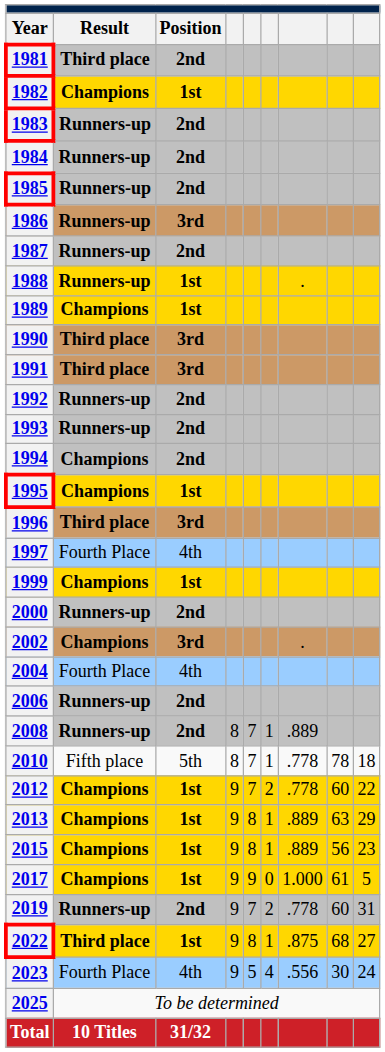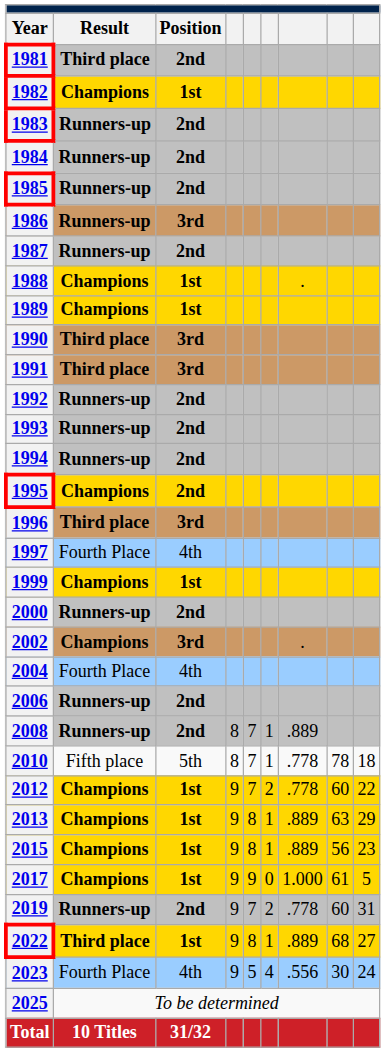 <table class="wikitable" style="font-size:90%; text-align:center;">
 <tr>
 <th style="background:#00234C;" colspan="10"><a href='#'></a></th>
 </tr>
 <tr>
 <th scope="col">Year</th>
 <th scope="col">Result</th>
 <th scope="col">Position</th>
 <th scope="col"></th>
 <th scope="col"></th>
 <th scope="col"></th>
 <th scope="col"></th>
 <th scope="col"></th>
 <th scope="col"></th>
 </tr>
 <tr style="background:silver;">
 <th style="border: 3px solid red"> <a href='#'>1981</a></th>
 <td><strong>Third place</strong></td>
 <td><strong>2nd</strong></td>
 <td></td>
 <td></td>
 <td></td>
 <td></td>
 <td></td>
 <td></td>
 </tr>
 <tr style="background:gold;">
 <th style="border: 3px solid red"> <a href='#'>1982</a></th>
 <td><strong>Champions</strong></td>
 <td><strong>1st</strong></td>
 <td></td>
 <td></td>
 <td></td>
 <td></td>
 <td></td>
 <td></td>
 </tr>
 <tr style="background:silver;">
 <th style="border: 3px solid red"> <a href='#'>1983</a></th>
 <td><strong>Runners-up</strong></td>
 <td><strong>2nd</strong></td>
 <td></td>
 <td></td>
 <td></td>
 <td></td>
 <td></td>
 <td></td>
 </tr>
 <tr style="background:silver;">
 <th> <a href='#'>1984</a></th>
 <td><strong>Runners-up</strong></td>
 <td><strong>2nd</strong></td>
 <td></td>
 <td></td>
 <td></td>
 <td></td>
 <td></td>
 <td></td>
 </tr>
 <tr style="background:silver;">
 <th style="border: 3px solid red"> <a href='#'>1985</a></th>
 <td><strong>Runners-up</strong></td>
 <td><strong>2nd</strong></td>
 <td></td>
 <td></td>
 <td></td>
 <td></td>
 <td></td>
 <td></td>
 </tr>
 <tr style="background:#cc9966">
 <th> <a href='#'>1986</a></th>
 <td><strong>Runners-up</strong></td>
 <td><strong>3rd</strong></td>
 <td></td>
 <td></td>
 <td></td>
 <td></td>
 <td></td>
 <td></td>
 </tr>
 <tr style="background:silver;">
 <th> <a href='#'>1987</a></th>
 <td><strong>Runners-up</strong></td>
 <td><strong>2nd</strong></td>
 <td></td>
 <td></td>
 <td></td>
 <td></td>
 <td></td>
 <td></td>
 </tr>
 <tr style="background:gold;">
 <th> <a href='#'>1988</a></th>
-<td><strong>Runners-up</strong></td>
+<td><strong>Champions</strong></td>
 <td><strong>1st</strong></td>
 <td></td>
 <td></td>
 <td></td>
 <td>.</td>
 <td></td>
 <td></td>
 </tr>
 <tr style="background:gold;">
 <th> <a href='#'>1989</a></th>
 <td><strong>Champions</strong></td>
 <td><strong>1st</strong></td>
 <td></td>
 <td></td>
 <td></td>
 <td></td>
 <td></td>
 <td></td>
 </tr>
 <tr style="background:#cc9966">
 <th> <a href='#'>1990</a></th>
 <td><strong>Third place</strong></td>
 <td><strong>3rd</strong></td>
 <td></td>
 <td></td>
 <td></td>
 <td></td>
 <td></td>
 <td></td>
 </tr>
 <tr style="background:#cc9966">
 <th> <a href='#'>1991</a></th>
 <td><strong>Third place</strong></td>
 <td><strong>3rd</strong></td>
 <td></td>
 <td></td>
 <td></td>
 <td></td>
 <td></td>
 <td></td>
 </tr>
 <tr style="background:silver;">
 <th> <a href='#'>1992</a></th>
 <td><strong>Runners-up</strong></td>
 <td><strong>2nd</strong></td>
 <td></td>
 <td></td>
 <td></td>
 <td></td>
 <td></td>
 <td></td>
 </tr>
 <tr style="background:silver;">
 <th> <a href='#'>1993</a></th>
 <td><strong>Runners-up</strong></td>
 <td><strong>2nd</strong></td>
 <td></td>
 <td></td>
 <td></td>
 <td></td>
 <td></td>
 <td></td>
 </tr>
 <tr style="background:silver;">
 <th> <a href='#'>1994</a></th>
-<td><strong>Champions</strong></td>
+<td><strong>Runners-up</strong></td>
 <td><strong>2nd</strong></td>
 <td></td>
 <td></td>
 <td></td>
 <td></td>
 <td></td>
 <td></td>
 </tr>
 <tr style="background:gold;">
 <th style="border: 3px solid red"> <a href='#'>1995</a></th>
 <td><strong>Champions</strong></td>
-<td><strong>1st</strong></td>
+<td><strong>2nd</strong></td>
 <td></td>
 <td></td>
 <td></td>
 <td></td>
 <td></td>
 <td></td>
 </tr>
 <tr style="background:#cc9966">
 <th> <a href='#'>1996</a></th>
 <td><strong>Third place</strong></td>
 <td><strong>3rd</strong></td>
 <td></td>
 <td></td>
 <td></td>
 <td></td>
 <td></td>
 <td></td>
 </tr>
 <tr style="background:#9acdff">
 <th> <a href='#'>1997</a></th>
 <td>Fourth Place</td>
 <td>4th</td>
 <td></td>
 <td></td>
 <td></td>
 <td></td>
 <td></td>
 <td></td>
 </tr>
 <tr style="background:gold;">
 <th> <a href='#'>1999</a></th>
 <td><strong>Champions</strong></td>
 <td><strong>1st</strong></td>
 <td></td>
 <td></td>
 <td></td>
 <td></td>
 <td></td>
 <td></td>
 </tr>
 <tr style="background:silver;">
 <th> <a href='#'>2000</a></th>
 <td><strong>Runners-up</strong></td>
 <td><strong>2nd</strong></td>
 <td></td>
 <td></td>
 <td></td>
 <td></td>
 <td></td>
 <td></td>
 </tr>
 <tr style="background:#cc9966">
 <th> <a href='#'>2002</a></th>
 <td><strong>Champions</strong></td>
 <td><strong>3rd</strong></td>
 <td></td>
 <td></td>
 <td></td>
 <td>.</td>
 <td></td>
 <td></td>
 </tr>
 <tr style="background:#9acdff">
 <th> <a href='#'>2004</a></th>
 <td>Fourth Place</td>
 <td>4th</td>
 <td></td>
 <td></td>
 <td></td>
 <td></td>
 <td></td>
 <td></td>
 </tr>
 <tr style="background:silver;">
 <th> <a href='#'>2006</a></th>
 <td><strong>Runners-up</strong></td>
 <td><strong>2nd</strong></td>
 <td></td>
 <td></td>
 <td></td>
 <td></td>
 <td></td>
 <td></td>
 </tr>
 <tr style="background:silver;">
 <th> <a href='#'>2008</a></th>
 <td><strong>Runners-up</strong></td>
 <td><strong>2nd</strong></td>
 <td>8</td>
 <td>7</td>
 <td>1</td>
 <td>.889</td>
 <td></td>
 <td></td>
 </tr>
 <tr>
 <th> <a href='#'>2010</a></th>
 <td>Fifth place</td>
 <td>5th</td>
 <td>8</td>
 <td>7</td>
 <td>1</td>
 <td>.778</td>
 <td>78</td>
 <td>18</td>
 </tr>
 <tr style="background:gold;">
 <th> <a href='#'>2012</a></th>
 <td><strong>Champions</strong></td>
 <td><strong>1st</strong></td>
 <td>9</td>
 <td>7</td>
 <td>2</td>
 <td>.778</td>
 <td>60</td>
 <td>22</td>
 </tr>
 <tr style="background:gold;">
 <th> <a href='#'>2013</a></th>
 <td><strong>Champions</strong></td>
 <td><strong>1st</strong></td>
 <td>9</td>
 <td>8</td>
 <td>1</td>
 <td>.889</td>
 <td>63</td>
 <td>29</td>
 </tr>
 <tr style="background:gold;">
 <th> <a href='#'>2015</a></th>
 <td><strong>Champions</strong></td>
 <td><strong>1st</strong></td>
 <td>9</td>
 <td>8</td>
 <td>1</td>
 <td>.889</td>
 <td>56</td>
 <td>23</td>
 </tr>
 <tr style="background:gold;">
 <th> <a href='#'>2017</a></th>
 <td><strong>Champions</strong></td>
 <td><strong>1st</strong></td>
 <td>9</td>
 <td>9</td>
 <td>0</td>
 <td>1.000</td>
 <td>61</td>
 <td>5</td>
 </tr>
 <tr style="background:silver;">
 <th> <a href='#'>2019</a></th>
 <td><strong>Runners-up</strong></td>
 <td><strong>2nd</strong></td>
 <td>9</td>
 <td>7</td>
 <td>2</td>
 <td>.778</td>
 <td>60</td>
 <td>31</td>
 </tr>
 <tr style="background:gold;">
 <th style="border: 3px solid red"> <a href='#'>2022</a></th>
 <td><strong>Third place</strong></td>
 <td><strong>1st</strong></td>
 <td>9</td>
 <td>8</td>
 <td>1</td>
-<td>.875</td>
+<td>.889</td>
 <td>68</td>
 <td>27</td>
 </tr>
 <tr style="background:#9acdff">
 <th> <a href='#'>2023</a></th>
 <td>Fourth Place</td>
 <td>4th</td>
 <td>9</td>
 <td>5</td>
 <td>4</td>
 <td>.556</td>
 <td>30</td>
 <td>24</td>
 </tr>
 <tr>
 <th> <a href='#'>2025</a></th>
 <td colspan="8"><em>To be determined</em></td>
 </tr>
 <tr>
 <th style="color:white; background:#CE2028;"><strong>Total</strong></th>
 <th style="color:white; background:#CE2028;">10 Titles</th>
 <th style="color:white; background:#CE2028;"><strong>31/32</strong></th>
 <th style="color:white; background:#CE2028;"></th>
 <th style="color:white; background:#CE2028;"></th>
 <th style="color:white; background:#CE2028;"></th>
 <th style="color:white; background:#CE2028;"></th>
 <th style="color:white; background:#CE2028;"></th>
 <th style="color:white; background:#CE2028;"></th>
 </tr>
 </table>
